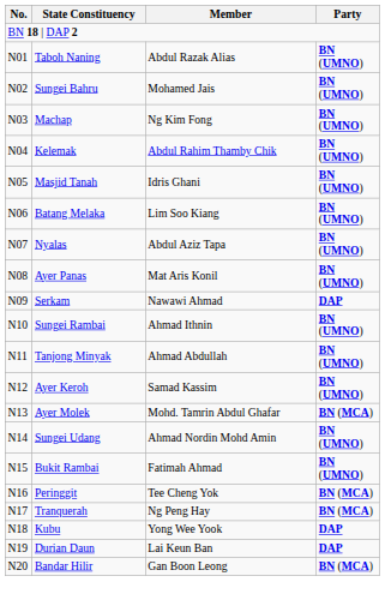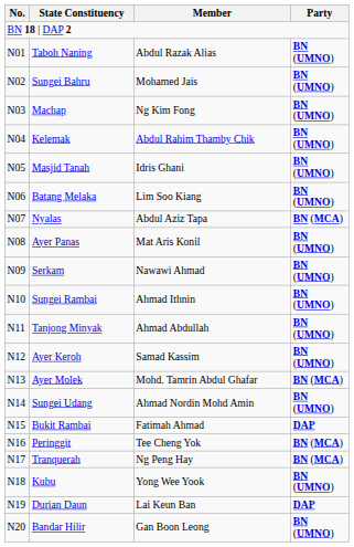 <table class="wikitable sortable">
 <tr>
 <th style="width:30px;">No.</th>
 <th style="width:150px;">State Constituency</th>
 <th style="width:230px;">Member</th>
 <th style="width:80px;">Party</th>
 </tr>
 <tr>
 <td colspan="4"><a href='#'>BN</a> <strong>18</strong> | <a href='#'>DAP</a> <strong>2</strong></td>
 </tr>
 <tr>
 <td>N01</td>
 <td><a href='#'>Taboh Naning</a></td>
 <td>Abdul Razak Alias</td>
 <td><strong><a href='#'>BN</a></strong> (<strong><a href='#'>UMNO</a></strong>)</td>
 </tr>
 <tr>
 <td>N02</td>
 <td><a href='#'>Sungei Bahru</a></td>
 <td>Mohamed Jais</td>
 <td><strong><a href='#'>BN</a></strong> (<strong><a href='#'>UMNO</a></strong>)</td>
 </tr>
 <tr>
 <td>N03</td>
 <td><a href='#'>Machap</a></td>
 <td>Ng Kim Fong</td>
 <td><strong><a href='#'>BN</a></strong> (<strong><a href='#'>UMNO</a></strong>)</td>
 </tr>
 <tr>
 <td>N04</td>
 <td><a href='#'>Kelemak</a></td>
 <td><a href='#'>Abdul Rahim Thamby Chik</a></td>
 <td><strong><a href='#'>BN</a></strong> (<strong><a href='#'>UMNO</a></strong>)</td>
 </tr>
 <tr>
 <td>N05</td>
 <td><a href='#'>Masjid Tanah</a></td>
 <td>Idris Ghani</td>
 <td><strong><a href='#'>BN</a></strong> (<strong><a href='#'>UMNO</a></strong>)</td>
 </tr>
 <tr>
 <td>N06</td>
 <td><a href='#'>Batang Melaka</a></td>
 <td>Lim Soo Kiang</td>
 <td><strong><a href='#'>BN</a></strong> (<strong><a href='#'>UMNO</a></strong>)</td>
 </tr>
 <tr>
 <td>N07</td>
 <td><a href='#'>Nyalas</a></td>
 <td>Abdul Aziz Tapa</td>
-<td><strong><a href='#'>BN</a></strong> (<strong><a href='#'>UMNO</a></strong>)</td>
+<td><strong><a href='#'>BN</a></strong> (<strong><a href='#'>MCA</a></strong>)</td>
 </tr>
 <tr>
 <td>N08</td>
 <td><a href='#'>Ayer Panas</a></td>
 <td>Mat Aris Konil</td>
 <td><strong><a href='#'>BN</a></strong> (<strong><a href='#'>UMNO</a></strong>)</td>
 </tr>
 <tr>
 <td>N09</td>
 <td><a href='#'>Serkam</a></td>
 <td>Nawawi Ahmad</td>
-<td><strong><a href='#'>DAP</a></strong></td>
+<td><strong><a href='#'>BN</a></strong> (<strong><a href='#'>UMNO</a></strong>)</td>
 </tr>
 <tr>
 <td>N10</td>
 <td><a href='#'>Sungei Rambai</a></td>
 <td>Ahmad Ithnin</td>
 <td><strong><a href='#'>BN</a></strong> (<strong><a href='#'>UMNO</a></strong>)</td>
 </tr>
 <tr>
 <td>N11</td>
 <td><a href='#'>Tanjong Minyak</a></td>
 <td>Ahmad Abdullah</td>
 <td><strong><a href='#'>BN</a></strong> (<strong><a href='#'>UMNO</a></strong>)</td>
 </tr>
 <tr>
 <td>N12</td>
 <td><a href='#'>Ayer Keroh</a></td>
 <td>Samad Kassim</td>
 <td><strong><a href='#'>BN</a></strong> (<strong><a href='#'>UMNO</a></strong>)</td>
 </tr>
 <tr>
 <td>N13</td>
 <td><a href='#'>Ayer Molek</a></td>
 <td>Mohd. Tamrin Abdul Ghafar</td>
 <td><strong><a href='#'>BN</a></strong> (<strong><a href='#'>MCA</a></strong>)</td>
 </tr>
 <tr>
 <td>N14</td>
 <td><a href='#'>Sungei Udang</a></td>
 <td>Ahmad Nordin Mohd Amin</td>
 <td><strong><a href='#'>BN</a></strong> (<strong><a href='#'>UMNO</a></strong>)</td>
 </tr>
 <tr>
 <td>N15</td>
 <td><a href='#'>Bukit Rambai</a></td>
 <td>Fatimah Ahmad</td>
-<td><strong><a href='#'>BN</a></strong> (<strong><a href='#'>UMNO</a></strong>)</td>
+<td><strong><a href='#'>DAP</a></strong></td>
 </tr>
 <tr>
 <td>N16</td>
 <td><a href='#'>Peringgit</a></td>
 <td>Tee Cheng Yok</td>
 <td><strong><a href='#'>BN</a></strong> (<strong><a href='#'>MCA</a></strong>)</td>
 </tr>
 <tr>
 <td>N17</td>
 <td><a href='#'>Tranquerah</a></td>
 <td>Ng Peng Hay</td>
 <td><strong><a href='#'>BN</a></strong> (<strong><a href='#'>MCA</a></strong>)</td>
 </tr>
 <tr>
 <td>N18</td>
 <td><a href='#'>Kubu</a></td>
 <td>Yong Wee Yook</td>
-<td><strong><a href='#'>DAP</a></strong></td>
+<td><strong><a href='#'>BN</a></strong> (<strong><a href='#'>UMNO</a></strong>)</td>
 </tr>
 <tr>
 <td>N19</td>
 <td><a href='#'>Durian Daun</a></td>
 <td>Lai Keun Ban</td>
 <td><strong><a href='#'>DAP</a></strong></td>
 </tr>
 <tr>
 <td>N20</td>
 <td><a href='#'>Bandar Hilir</a></td>
 <td>Gan Boon Leong</td>
-<td><strong><a href='#'>BN</a></strong> (<strong><a href='#'>MCA</a></strong>)</td>
+<td><strong><a href='#'>BN</a></strong> (<strong><a href='#'>UMNO</a></strong>)</td>
 </tr>
 </table>
